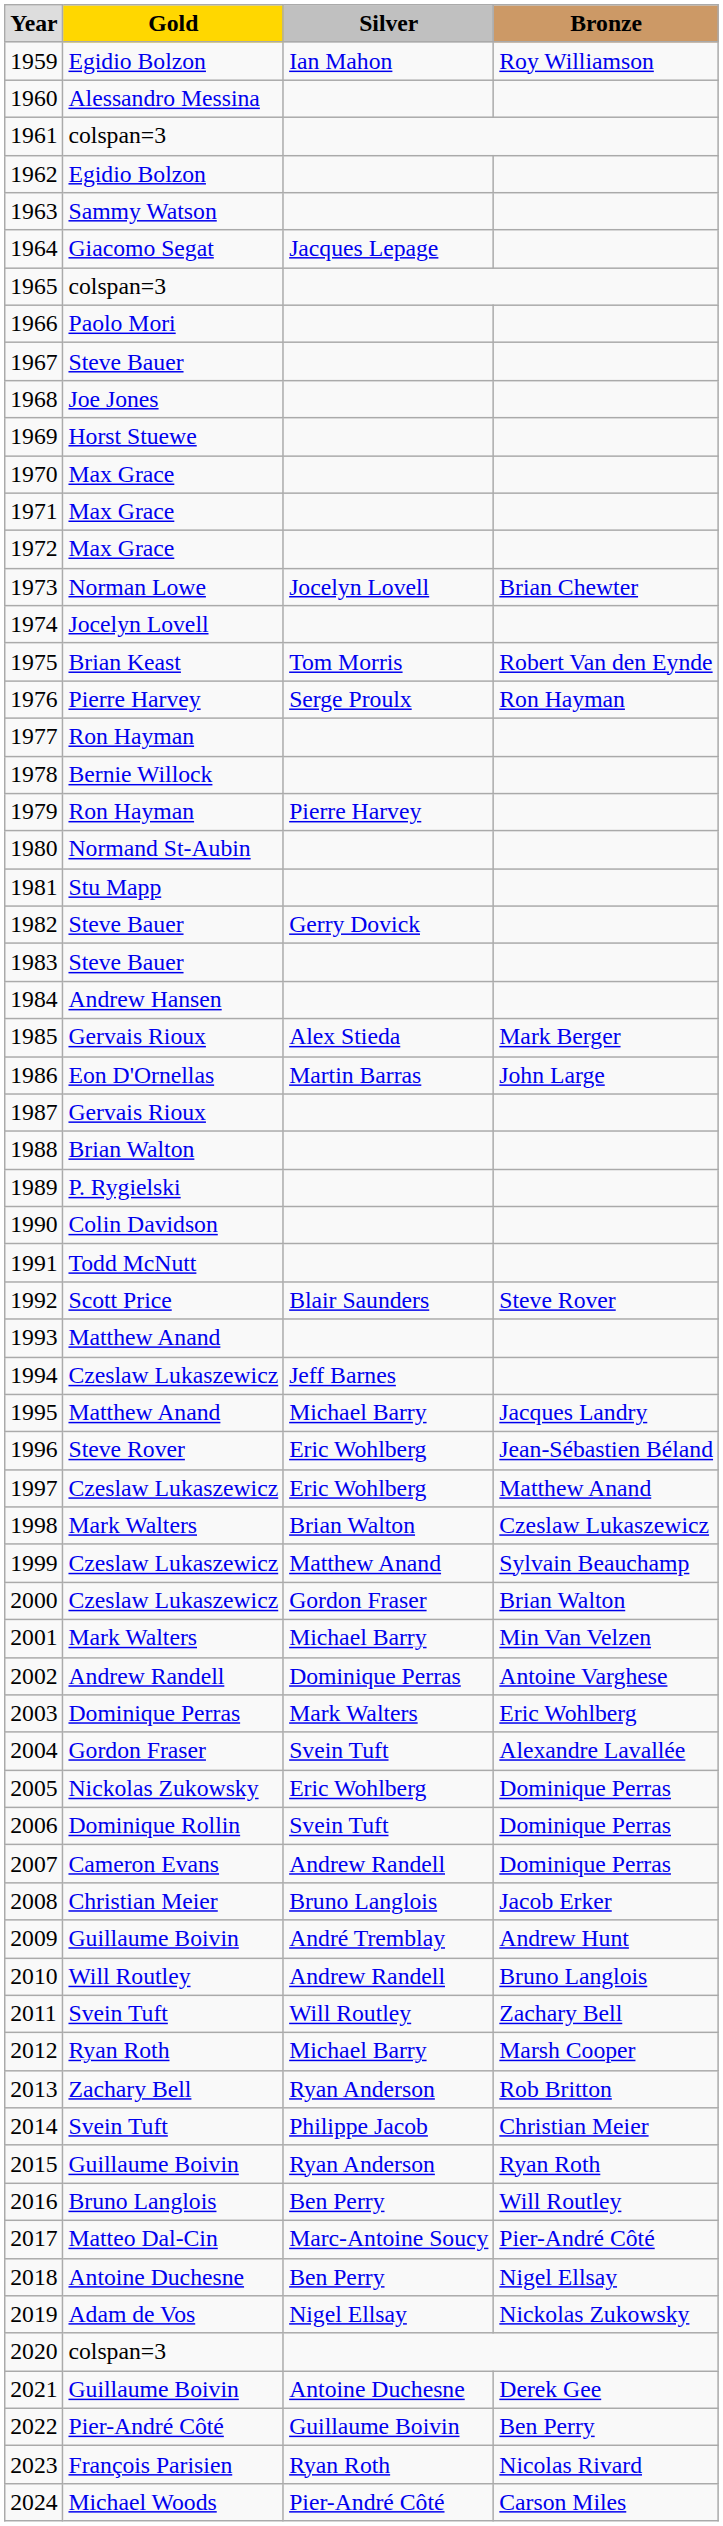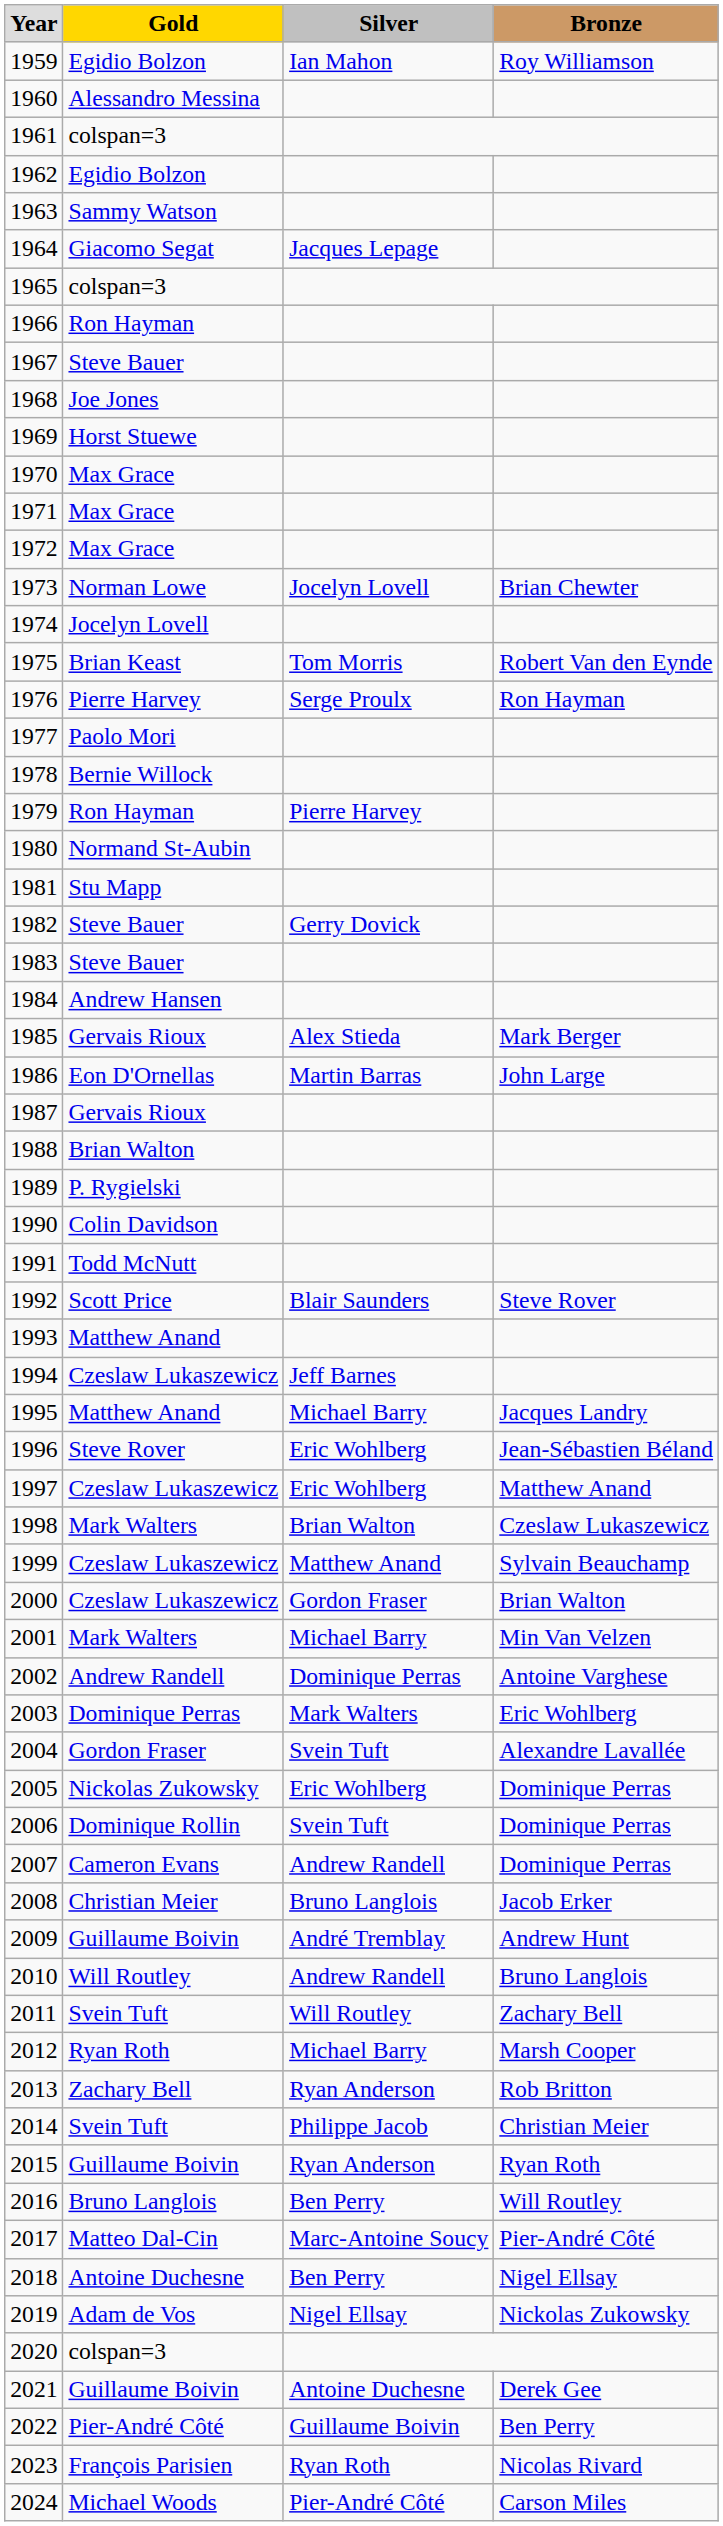 <table class="wikitable">
 <tr>
 <th style="background:#DDDDDD;">Year</th>
 <th style="background:gold;">Gold</th>
 <th style="background:silver;">Silver</th>
 <th style="background:#cc9966;">Bronze</th>
 </tr>
 <tr>
 <td>1959</td>
 <td><a href='#'>Egidio Bolzon</a></td>
 <td><a href='#'>Ian Mahon</a></td>
 <td><a href='#'>Roy Williamson</a></td>
 </tr>
 <tr>
 <td>1960</td>
 <td><a href='#'>Alessandro Messina</a></td>
 <td></td>
 <td></td>
 </tr>
 <tr>
 <td>1961</td>
 <td>colspan=3 </td>
 </tr>
 <tr>
 <td>1962</td>
 <td><a href='#'>Egidio Bolzon</a></td>
 <td></td>
 <td></td>
 </tr>
 <tr>
 <td>1963</td>
 <td><a href='#'>Sammy Watson</a></td>
 <td></td>
 <td></td>
 </tr>
 <tr>
 <td>1964</td>
 <td><a href='#'>Giacomo Segat</a></td>
 <td><a href='#'>Jacques Lepage</a></td>
 <td></td>
 </tr>
 <tr>
 <td>1965</td>
 <td>colspan=3 </td>
 </tr>
 <tr>
 <td>1966</td>
-<td><a href='#'>Paolo Mori</a></td>
+<td><a href='#'>Ron Hayman</a></td>
 <td></td>
 <td></td>
 </tr>
 <tr>
 <td>1967</td>
 <td><a href='#'>Steve Bauer</a></td>
 <td></td>
 <td></td>
 </tr>
 <tr>
 <td>1968</td>
 <td><a href='#'>Joe Jones</a></td>
 <td></td>
 <td></td>
 </tr>
 <tr>
 <td>1969</td>
 <td><a href='#'>Horst Stuewe</a></td>
 <td></td>
 <td></td>
 </tr>
 <tr>
 <td>1970</td>
 <td><a href='#'>Max Grace</a></td>
 <td></td>
 <td></td>
 </tr>
 <tr>
 <td>1971</td>
 <td><a href='#'>Max Grace</a></td>
 <td></td>
 <td></td>
 </tr>
 <tr>
 <td>1972</td>
 <td><a href='#'>Max Grace</a></td>
 <td></td>
 <td></td>
 </tr>
 <tr>
 <td>1973</td>
 <td><a href='#'>Norman Lowe</a></td>
 <td><a href='#'>Jocelyn Lovell</a></td>
 <td><a href='#'>Brian Chewter</a></td>
 </tr>
 <tr>
 <td>1974</td>
 <td><a href='#'>Jocelyn Lovell</a></td>
 <td></td>
 <td></td>
 </tr>
 <tr>
 <td>1975</td>
 <td><a href='#'>Brian Keast</a></td>
 <td><a href='#'>Tom Morris</a></td>
 <td><a href='#'>Robert Van den Eynde</a></td>
 </tr>
 <tr>
 <td>1976</td>
 <td><a href='#'>Pierre Harvey</a></td>
 <td><a href='#'>Serge Proulx</a></td>
 <td><a href='#'>Ron Hayman</a></td>
 </tr>
 <tr>
 <td>1977</td>
-<td><a href='#'>Ron Hayman</a></td>
+<td><a href='#'>Paolo Mori</a></td>
 <td></td>
 <td></td>
 </tr>
 <tr>
 <td>1978</td>
 <td><a href='#'>Bernie Willock</a></td>
 <td></td>
 <td></td>
 </tr>
 <tr>
 <td>1979</td>
 <td><a href='#'>Ron Hayman</a></td>
 <td><a href='#'>Pierre Harvey</a></td>
 <td></td>
 </tr>
 <tr>
 <td>1980</td>
 <td><a href='#'>Normand St-Aubin</a></td>
 <td></td>
 <td></td>
 </tr>
 <tr>
 <td>1981</td>
 <td><a href='#'>Stu Mapp</a></td>
 <td></td>
 <td></td>
 </tr>
 <tr>
 <td>1982</td>
 <td><a href='#'>Steve Bauer</a></td>
 <td><a href='#'>Gerry Dovick</a></td>
 <td></td>
 </tr>
 <tr>
 <td>1983</td>
 <td><a href='#'>Steve Bauer</a></td>
 <td></td>
 <td></td>
 </tr>
 <tr>
 <td>1984</td>
 <td><a href='#'>Andrew Hansen</a></td>
 <td></td>
 <td></td>
 </tr>
 <tr>
 <td>1985</td>
 <td><a href='#'>Gervais Rioux</a></td>
 <td><a href='#'>Alex Stieda</a></td>
 <td><a href='#'>Mark Berger</a></td>
 </tr>
 <tr>
 <td>1986</td>
 <td><a href='#'>Eon D'Ornellas</a></td>
 <td><a href='#'>Martin Barras</a></td>
 <td><a href='#'>John Large</a></td>
 </tr>
 <tr>
 <td>1987</td>
 <td><a href='#'>Gervais Rioux</a></td>
 <td></td>
 <td></td>
 </tr>
 <tr>
 <td>1988</td>
 <td><a href='#'>Brian Walton</a></td>
 <td></td>
 <td></td>
 </tr>
 <tr>
 <td>1989</td>
 <td><a href='#'>P. Rygielski</a></td>
 <td></td>
 <td></td>
 </tr>
 <tr>
 <td>1990</td>
 <td><a href='#'>Colin Davidson</a></td>
 <td></td>
 <td></td>
 </tr>
 <tr>
 <td>1991</td>
 <td><a href='#'>Todd McNutt</a></td>
 <td></td>
 <td></td>
 </tr>
 <tr>
 <td>1992</td>
 <td><a href='#'>Scott Price</a></td>
 <td><a href='#'>Blair Saunders</a></td>
 <td><a href='#'>Steve Rover</a></td>
 </tr>
 <tr>
 <td>1993</td>
 <td><a href='#'>Matthew Anand</a></td>
 <td></td>
 <td></td>
 </tr>
 <tr>
 <td>1994</td>
 <td><a href='#'>Czeslaw Lukaszewicz</a></td>
 <td><a href='#'>Jeff Barnes</a></td>
 <td></td>
 </tr>
 <tr>
 <td>1995</td>
 <td><a href='#'>Matthew Anand</a></td>
 <td><a href='#'>Michael Barry</a></td>
 <td><a href='#'>Jacques Landry</a></td>
 </tr>
 <tr>
 <td>1996</td>
 <td><a href='#'>Steve Rover</a></td>
 <td><a href='#'>Eric Wohlberg</a></td>
 <td><a href='#'>Jean-Sébastien Béland</a></td>
 </tr>
 <tr>
 <td>1997</td>
 <td><a href='#'>Czeslaw Lukaszewicz</a></td>
 <td><a href='#'>Eric Wohlberg</a></td>
 <td><a href='#'>Matthew Anand</a></td>
 </tr>
 <tr>
 <td>1998</td>
 <td><a href='#'>Mark Walters</a></td>
 <td><a href='#'>Brian Walton</a></td>
 <td><a href='#'>Czeslaw Lukaszewicz</a></td>
 </tr>
 <tr>
 <td>1999</td>
 <td><a href='#'>Czeslaw Lukaszewicz</a></td>
 <td><a href='#'>Matthew Anand</a></td>
 <td><a href='#'>Sylvain Beauchamp</a></td>
 </tr>
 <tr>
 <td>2000</td>
 <td><a href='#'>Czeslaw Lukaszewicz</a></td>
 <td><a href='#'>Gordon Fraser</a></td>
 <td><a href='#'>Brian Walton</a></td>
 </tr>
 <tr>
 <td>2001</td>
 <td><a href='#'>Mark Walters</a></td>
 <td><a href='#'>Michael Barry</a></td>
 <td><a href='#'>Min Van Velzen</a></td>
 </tr>
 <tr>
 <td>2002</td>
 <td><a href='#'>Andrew Randell</a></td>
 <td><a href='#'>Dominique Perras</a></td>
 <td><a href='#'>Antoine Varghese</a></td>
 </tr>
 <tr>
 <td>2003</td>
 <td><a href='#'>Dominique Perras</a></td>
 <td><a href='#'>Mark Walters</a></td>
 <td><a href='#'>Eric Wohlberg</a></td>
 </tr>
 <tr>
 <td>2004</td>
 <td><a href='#'>Gordon Fraser</a></td>
 <td><a href='#'>Svein Tuft</a></td>
 <td><a href='#'>Alexandre Lavallée</a></td>
 </tr>
 <tr>
 <td>2005</td>
 <td><a href='#'>Nickolas Zukowsky</a></td>
 <td><a href='#'>Eric Wohlberg</a></td>
 <td><a href='#'>Dominique Perras</a></td>
 </tr>
 <tr>
 <td>2006</td>
 <td><a href='#'>Dominique Rollin</a></td>
 <td><a href='#'>Svein Tuft</a></td>
 <td><a href='#'>Dominique Perras</a></td>
 </tr>
 <tr>
 <td>2007</td>
 <td><a href='#'>Cameron Evans</a></td>
 <td><a href='#'>Andrew Randell</a></td>
 <td><a href='#'>Dominique Perras</a></td>
 </tr>
 <tr>
 <td>2008</td>
 <td><a href='#'>Christian Meier</a></td>
 <td><a href='#'>Bruno Langlois</a></td>
 <td><a href='#'>Jacob Erker</a></td>
 </tr>
 <tr>
 <td>2009</td>
 <td><a href='#'>Guillaume Boivin</a></td>
 <td><a href='#'>André Tremblay</a></td>
 <td><a href='#'>Andrew Hunt</a></td>
 </tr>
 <tr>
 <td>2010</td>
 <td><a href='#'>Will Routley</a></td>
 <td><a href='#'>Andrew Randell</a></td>
 <td><a href='#'>Bruno Langlois</a></td>
 </tr>
 <tr>
 <td>2011</td>
 <td><a href='#'>Svein Tuft</a></td>
 <td><a href='#'>Will Routley</a></td>
 <td><a href='#'>Zachary Bell</a></td>
 </tr>
 <tr>
 <td>2012</td>
 <td><a href='#'>Ryan Roth</a></td>
 <td><a href='#'>Michael Barry</a></td>
 <td><a href='#'>Marsh Cooper</a></td>
 </tr>
 <tr>
 <td>2013</td>
 <td><a href='#'>Zachary Bell</a></td>
 <td><a href='#'>Ryan Anderson</a></td>
 <td><a href='#'>Rob Britton</a></td>
 </tr>
 <tr>
 <td>2014</td>
 <td><a href='#'>Svein Tuft</a></td>
 <td><a href='#'>Philippe Jacob</a></td>
 <td><a href='#'>Christian Meier</a></td>
 </tr>
 <tr>
 <td>2015</td>
 <td><a href='#'>Guillaume Boivin</a></td>
 <td><a href='#'>Ryan Anderson</a></td>
 <td><a href='#'>Ryan Roth</a></td>
 </tr>
 <tr>
 <td>2016</td>
 <td><a href='#'>Bruno Langlois</a></td>
 <td><a href='#'>Ben Perry</a></td>
 <td><a href='#'>Will Routley</a></td>
 </tr>
 <tr>
 <td>2017</td>
 <td><a href='#'>Matteo Dal-Cin</a></td>
 <td><a href='#'>Marc-Antoine Soucy</a></td>
 <td><a href='#'>Pier-André Côté</a></td>
 </tr>
 <tr>
 <td>2018</td>
 <td><a href='#'>Antoine Duchesne</a></td>
 <td><a href='#'>Ben Perry</a></td>
 <td><a href='#'>Nigel Ellsay</a></td>
 </tr>
 <tr>
 <td>2019</td>
 <td><a href='#'>Adam de Vos</a></td>
 <td><a href='#'>Nigel Ellsay</a></td>
 <td><a href='#'>Nickolas Zukowsky</a></td>
 </tr>
 <tr>
 <td>2020</td>
 <td>colspan=3 </td>
 </tr>
 <tr>
 <td>2021</td>
 <td><a href='#'>Guillaume Boivin</a></td>
 <td><a href='#'>Antoine Duchesne</a></td>
 <td><a href='#'>Derek Gee</a></td>
 </tr>
 <tr>
 <td>2022</td>
 <td><a href='#'>Pier-André Côté</a></td>
 <td><a href='#'>Guillaume Boivin</a></td>
 <td><a href='#'>Ben Perry</a></td>
 </tr>
 <tr>
 <td>2023</td>
 <td><a href='#'>François Parisien</a></td>
 <td><a href='#'>Ryan Roth</a></td>
 <td><a href='#'>Nicolas Rivard</a></td>
 </tr>
 <tr>
 <td>2024</td>
 <td><a href='#'>Michael Woods</a></td>
 <td><a href='#'>Pier-André Côté</a></td>
 <td><a href='#'>Carson Miles</a></td>
 </tr>
 </table>
